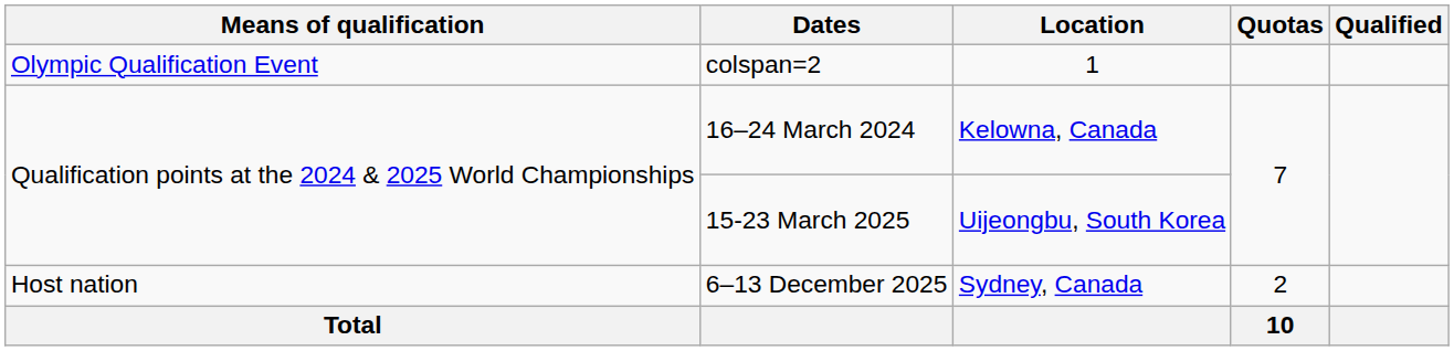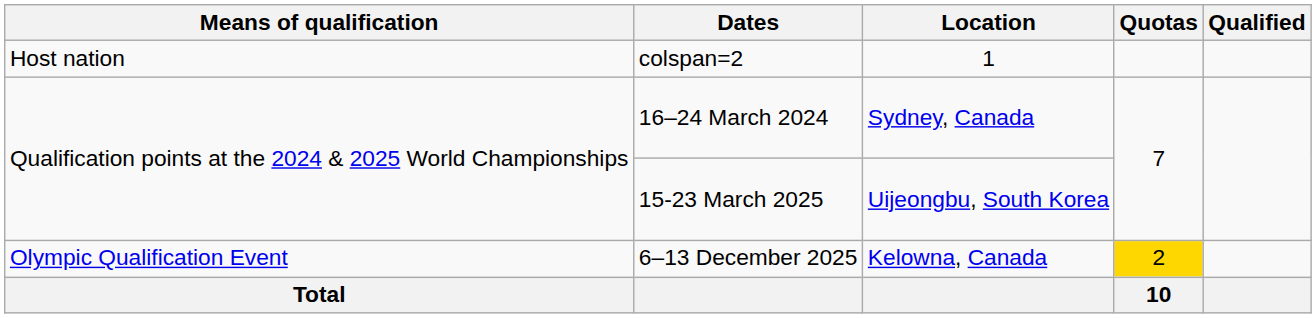 <table class="wikitable">
 <tr>
 <th>Means of qualification</th>
 <th>Dates</th>
 <th>Location</th>
 <th>Quotas</th>
 <th>Qualified</th>
 </tr>
 <tr>
-<td><a href='#'>Olympic Qualification Event</a></td>
+<td>Host nation</td>
 <td>colspan=2 </td>
 <td align=center>1</td>
 <td></td>
 </tr>
 <tr>
 <td rowspan=2>Qualification points at the <a href='#'>2024</a> & <a href='#'>2025</a> World Championships</td>
 <td>16–24 March 2024</td>
-<td> <a href='#'>Kelowna</a>, <a href='#'>Canada</a></td>
+<td> <a href='#'>Sydney</a>, <a href='#'>Canada</a></td>
 <td rowspan=2 align=center>7</td>
 <td rowspan=2><br><br><br><br><br><br></td>
 </tr>
 <tr>
 <td>15-23 March 2025</td>
 <td> <a href='#'>Uijeongbu</a>, <a href='#'>South Korea</a></td>
 </tr>
 <tr>
-<td>Host nation</td>
+<td><a href='#'>Olympic Qualification Event</a></td>
 <td>6–13 December 2025</td>
-<td> <a href='#'>Sydney</a>, <a href='#'>Canada</a></td>
-<td align=center>2</td>
+<td> <a href='#'>Kelowna</a>, <a href='#'>Canada</a></td>
+<td align=center style="background: gold;">2</td>
 <td></td>
 </tr>
 <tr>
 <th>Total</th>
 <th></th>
 <th></th>
 <th>10</th>
 <th></th>
 </tr>
 </table>
